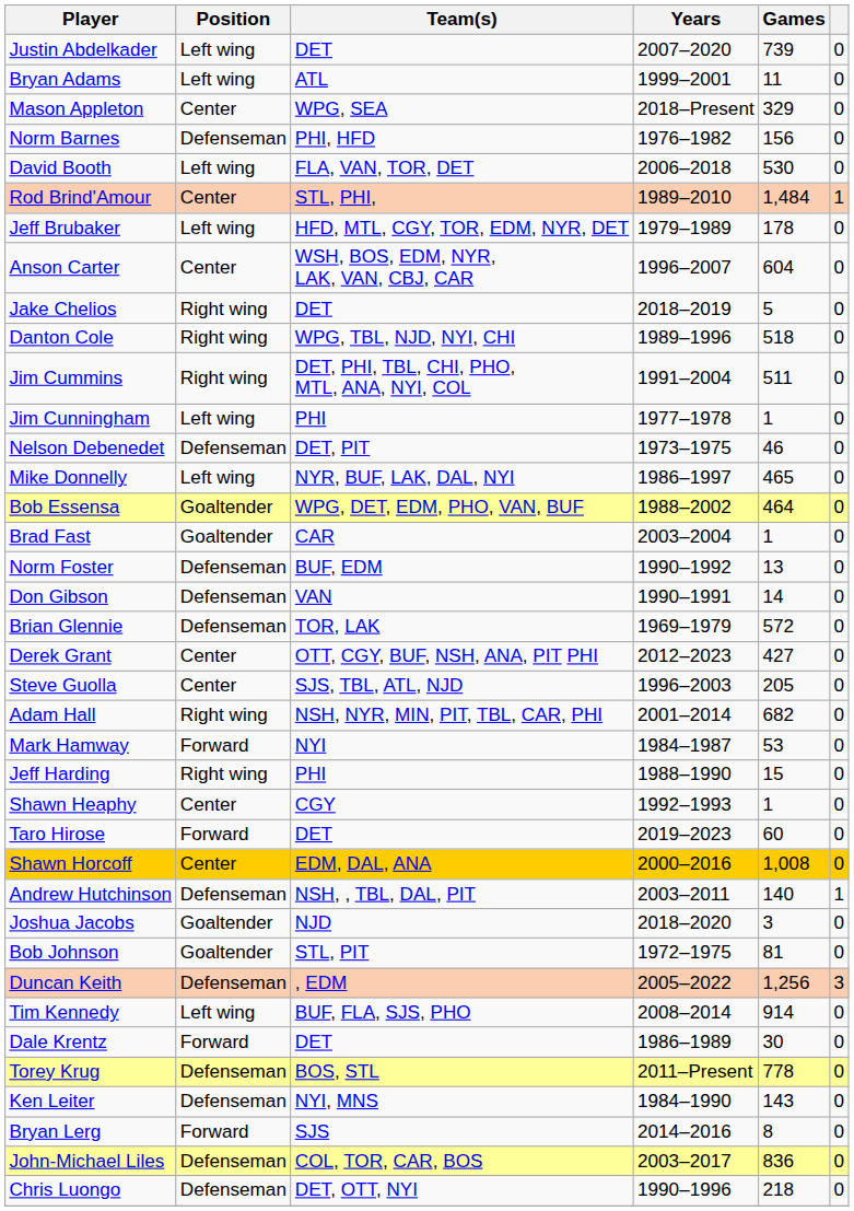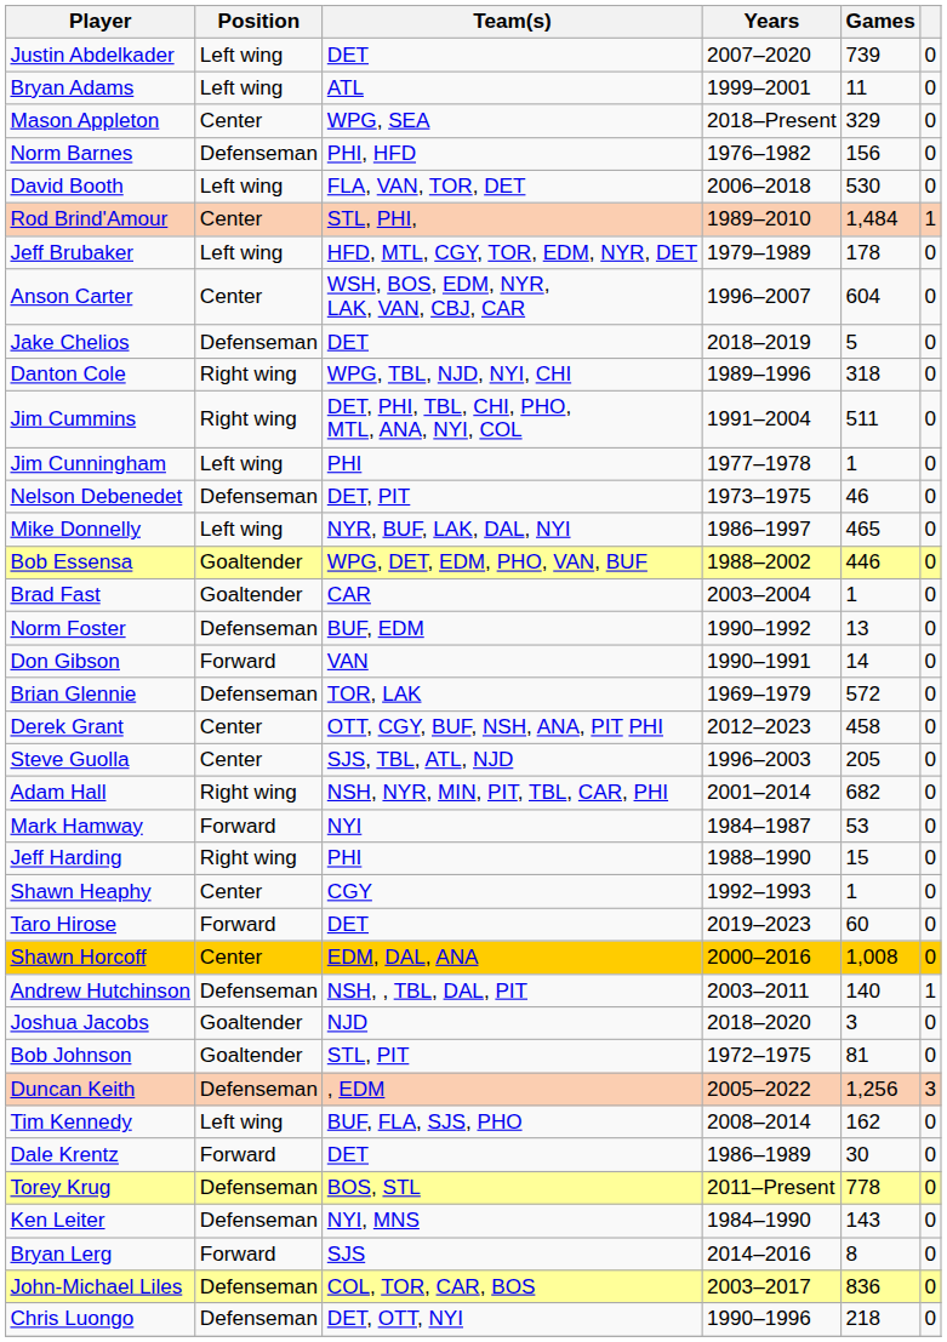 <table class="wikitable sortable">
 <tr>
 <th>Player</th>
 <th>Position</th>
 <th>Team(s)</th>
 <th>Years</th>
 <th>Games</th>
 <th><a href='#'></a></th>
 </tr>
 <tr>
 <td><a href='#'>Justin Abdelkader</a></td>
 <td>Left wing</td>
 <td><a href='#'>DET</a></td>
 <td>2007–2020</td>
 <td>739</td>
 <td>0</td>
 </tr>
 <tr>
 <td><a href='#'>Bryan Adams</a></td>
 <td>Left wing</td>
 <td><a href='#'>ATL</a></td>
 <td>1999–2001</td>
 <td>11</td>
 <td>0</td>
 </tr>
 <tr>
 <td><a href='#'>Mason Appleton</a></td>
 <td>Center</td>
 <td><a href='#'>WPG</a>, <a href='#'>SEA</a></td>
 <td>2018–Present</td>
 <td>329</td>
 <td>0</td>
 </tr>
 <tr>
 <td><a href='#'>Norm Barnes</a></td>
 <td>Defenseman</td>
 <td><a href='#'>PHI</a>, <a href='#'>HFD</a></td>
 <td>1976–1982</td>
 <td>156</td>
 <td>0</td>
 </tr>
 <tr>
 <td><a href='#'>David Booth</a></td>
 <td>Left wing</td>
 <td><a href='#'>FLA</a>, <a href='#'>VAN</a>, <a href='#'>TOR</a>, <a href='#'>DET</a></td>
 <td>2006–2018</td>
 <td>530</td>
 <td>0</td>
 </tr>
 <tr bgcolor=FBCEB1>
 <td><a href='#'>Rod Brind'Amour</a></td>
 <td>Center</td>
 <td><a href='#'>STL</a>, <a href='#'>PHI</a>, <span><strong></strong></span></td>
 <td>1989–2010</td>
 <td>1,484</td>
 <td>1</td>
 </tr>
 <tr>
 <td><a href='#'>Jeff Brubaker</a></td>
 <td>Left wing</td>
 <td><a href='#'>HFD</a>, <a href='#'>MTL</a>, <a href='#'>CGY</a>, <a href='#'>TOR</a>, <a href='#'>EDM</a>, <a href='#'>NYR</a>, <a href='#'>DET</a></td>
 <td>1979–1989</td>
 <td>178</td>
 <td>0</td>
 </tr>
 <tr>
 <td><a href='#'>Anson Carter</a></td>
 <td>Center</td>
 <td><a href='#'>WSH</a>, <a href='#'>BOS</a>, <a href='#'>EDM</a>, <a href='#'>NYR</a>,<br><a href='#'>LAK</a>, <a href='#'>VAN</a>, <a href='#'>CBJ</a>, <a href='#'>CAR</a></td>
 <td>1996–2007</td>
 <td>604</td>
 <td>0</td>
 </tr>
 <tr>
 <td><a href='#'>Jake Chelios</a></td>
-<td>Right wing</td>
+<td>Defenseman</td>
 <td><a href='#'>DET</a></td>
 <td>2018–2019</td>
 <td>5</td>
 <td>0</td>
 </tr>
 <tr>
 <td><a href='#'>Danton Cole</a></td>
 <td>Right wing</td>
 <td><a href='#'>WPG</a>, <a href='#'>TBL</a>, <a href='#'>NJD</a>, <a href='#'>NYI</a>, <a href='#'>CHI</a></td>
 <td>1989–1996</td>
-<td>518</td>
+<td>318</td>
 <td>0</td>
 </tr>
 <tr>
 <td><a href='#'>Jim Cummins</a></td>
 <td>Right wing</td>
 <td><a href='#'>DET</a>, <a href='#'>PHI</a>, <a href='#'>TBL</a>, <a href='#'>CHI</a>, <a href='#'>PHO</a>,<br><a href='#'>MTL</a>, <a href='#'>ANA</a>, <a href='#'>NYI</a>, <a href='#'>COL</a></td>
 <td>1991–2004</td>
 <td>511</td>
 <td>0</td>
 </tr>
 <tr>
 <td><a href='#'>Jim Cunningham</a></td>
 <td>Left wing</td>
 <td><a href='#'>PHI</a></td>
 <td>1977–1978</td>
 <td>1</td>
 <td>0</td>
 </tr>
 <tr>
 <td><a href='#'>Nelson Debenedet</a></td>
 <td>Defenseman</td>
 <td><a href='#'>DET</a>, <a href='#'>PIT</a></td>
 <td>1973–1975</td>
 <td>46</td>
 <td>0</td>
 </tr>
 <tr>
 <td><a href='#'>Mike Donnelly</a></td>
 <td>Left wing</td>
 <td><a href='#'>NYR</a>, <a href='#'>BUF</a>, <a href='#'>LAK</a>, <a href='#'>DAL</a>, <a href='#'>NYI</a></td>
 <td>1986–1997</td>
 <td>465</td>
 <td>0</td>
 </tr>
 <tr bgcolor=FFFF99>
 <td><a href='#'>Bob Essensa</a></td>
 <td>Goaltender</td>
 <td><a href='#'>WPG</a>, <a href='#'>DET</a>, <a href='#'>EDM</a>, <a href='#'>PHO</a>, <a href='#'>VAN</a>, <a href='#'>BUF</a></td>
 <td>1988–2002</td>
-<td>464</td>
+<td>446</td>
 <td>0</td>
 </tr>
 <tr>
 <td><a href='#'>Brad Fast</a></td>
 <td>Goaltender</td>
 <td><a href='#'>CAR</a></td>
 <td>2003–2004</td>
 <td>1</td>
 <td>0</td>
 </tr>
 <tr>
 <td><a href='#'>Norm Foster</a></td>
 <td>Defenseman</td>
 <td><a href='#'>BUF</a>, <a href='#'>EDM</a></td>
 <td>1990–1992</td>
 <td>13</td>
 <td>0</td>
 </tr>
 <tr>
 <td><a href='#'>Don Gibson</a></td>
-<td>Defenseman</td>
+<td>Forward</td>
 <td><a href='#'>VAN</a></td>
 <td>1990–1991</td>
 <td>14</td>
 <td>0</td>
 </tr>
 <tr>
 <td><a href='#'>Brian Glennie</a></td>
 <td>Defenseman</td>
 <td><a href='#'>TOR</a>, <a href='#'>LAK</a></td>
 <td>1969–1979</td>
 <td>572</td>
 <td>0</td>
 </tr>
 <tr>
 <td><a href='#'>Derek Grant</a></td>
 <td>Center</td>
 <td><a href='#'>OTT</a>, <a href='#'>CGY</a>, <a href='#'>BUF</a>, <a href='#'>NSH</a>, <a href='#'>ANA</a>, <a href='#'>PIT</a> <a href='#'>PHI</a></td>
 <td>2012–2023</td>
-<td>427</td>
+<td>458</td>
 <td>0</td>
 </tr>
 <tr>
 <td><a href='#'>Steve Guolla</a></td>
 <td>Center</td>
 <td><a href='#'>SJS</a>, <a href='#'>TBL</a>, <a href='#'>ATL</a>, <a href='#'>NJD</a></td>
 <td>1996–2003</td>
 <td>205</td>
 <td>0</td>
 </tr>
 <tr>
 <td><a href='#'>Adam Hall</a></td>
 <td>Right wing</td>
 <td><a href='#'>NSH</a>, <a href='#'>NYR</a>, <a href='#'>MIN</a>, <a href='#'>PIT</a>, <a href='#'>TBL</a>, <a href='#'>CAR</a>, <a href='#'>PHI</a></td>
 <td>2001–2014</td>
 <td>682</td>
 <td>0</td>
 </tr>
 <tr>
 <td><a href='#'>Mark Hamway</a></td>
 <td>Forward</td>
 <td><a href='#'>NYI</a></td>
 <td>1984–1987</td>
 <td>53</td>
 <td>0</td>
 </tr>
 <tr>
 <td><a href='#'>Jeff Harding</a></td>
 <td>Right wing</td>
 <td><a href='#'>PHI</a></td>
 <td>1988–1990</td>
 <td>15</td>
 <td>0</td>
 </tr>
 <tr>
 <td><a href='#'>Shawn Heaphy</a></td>
 <td>Center</td>
 <td><a href='#'>CGY</a></td>
 <td>1992–1993</td>
 <td>1</td>
 <td>0</td>
 </tr>
 <tr>
 <td><a href='#'>Taro Hirose</a></td>
 <td>Forward</td>
 <td><a href='#'>DET</a></td>
 <td>2019–2023</td>
 <td>60</td>
 <td>0</td>
 </tr>
 <tr bgcolor=FFCC00>
 <td><a href='#'>Shawn Horcoff</a></td>
 <td>Center</td>
 <td><a href='#'>EDM</a>, <a href='#'>DAL</a>, <a href='#'>ANA</a></td>
 <td>2000–2016</td>
 <td>1,008</td>
 <td>0</td>
 </tr>
 <tr>
 <td><a href='#'>Andrew Hutchinson</a></td>
 <td>Defenseman</td>
 <td><a href='#'>NSH</a>, <span><strong></strong></span>, <a href='#'>TBL</a>, <a href='#'>DAL</a>, <a href='#'>PIT</a></td>
 <td>2003–2011</td>
 <td>140</td>
 <td>1</td>
 </tr>
 <tr>
 <td><a href='#'>Joshua Jacobs</a></td>
 <td>Goaltender</td>
 <td><a href='#'>NJD</a></td>
 <td>2018–2020</td>
 <td>3</td>
 <td>0</td>
 </tr>
 <tr>
 <td><a href='#'>Bob Johnson</a></td>
 <td>Goaltender</td>
 <td><a href='#'>STL</a>, <a href='#'>PIT</a></td>
 <td>1972–1975</td>
 <td>81</td>
 <td>0</td>
 </tr>
 <tr bgcolor=FBCEB1>
 <td><a href='#'>Duncan Keith</a></td>
 <td>Defenseman</td>
 <td><span><strong></strong></span>, <a href='#'>EDM</a></td>
 <td>2005–2022</td>
 <td>1,256</td>
 <td>3</td>
 </tr>
 <tr>
 <td><a href='#'>Tim Kennedy</a></td>
 <td>Left wing</td>
 <td><a href='#'>BUF</a>, <a href='#'>FLA</a>, <a href='#'>SJS</a>, <a href='#'>PHO</a></td>
 <td>2008–2014</td>
-<td>914</td>
+<td>162</td>
 <td>0</td>
 </tr>
 <tr>
 <td><a href='#'>Dale Krentz</a></td>
 <td>Forward</td>
 <td><a href='#'>DET</a></td>
 <td>1986–1989</td>
 <td>30</td>
 <td>0</td>
 </tr>
 <tr bgcolor=FFFF99>
 <td><a href='#'>Torey Krug</a></td>
 <td>Defenseman</td>
 <td><a href='#'>BOS</a>, <a href='#'>STL</a></td>
 <td>2011–Present</td>
 <td>778</td>
 <td>0</td>
 </tr>
 <tr>
 <td><a href='#'>Ken Leiter</a></td>
 <td>Defenseman</td>
 <td><a href='#'>NYI</a>, <a href='#'>MNS</a></td>
 <td>1984–1990</td>
 <td>143</td>
 <td>0</td>
 </tr>
 <tr>
 <td><a href='#'>Bryan Lerg</a></td>
 <td>Forward</td>
 <td><a href='#'>SJS</a></td>
 <td>2014–2016</td>
 <td>8</td>
 <td>0</td>
 </tr>
 <tr bgcolor=FFFF99>
 <td><a href='#'>John-Michael Liles</a></td>
 <td>Defenseman</td>
 <td><a href='#'>COL</a>, <a href='#'>TOR</a>, <a href='#'>CAR</a>, <a href='#'>BOS</a></td>
 <td>2003–2017</td>
 <td>836</td>
 <td>0</td>
 </tr>
 <tr>
 <td><a href='#'>Chris Luongo</a></td>
 <td>Defenseman</td>
 <td><a href='#'>DET</a>, <a href='#'>OTT</a>, <a href='#'>NYI</a></td>
 <td>1990–1996</td>
 <td>218</td>
 <td>0</td>
 </tr>
 <tr>
 </tr>
 </table>
